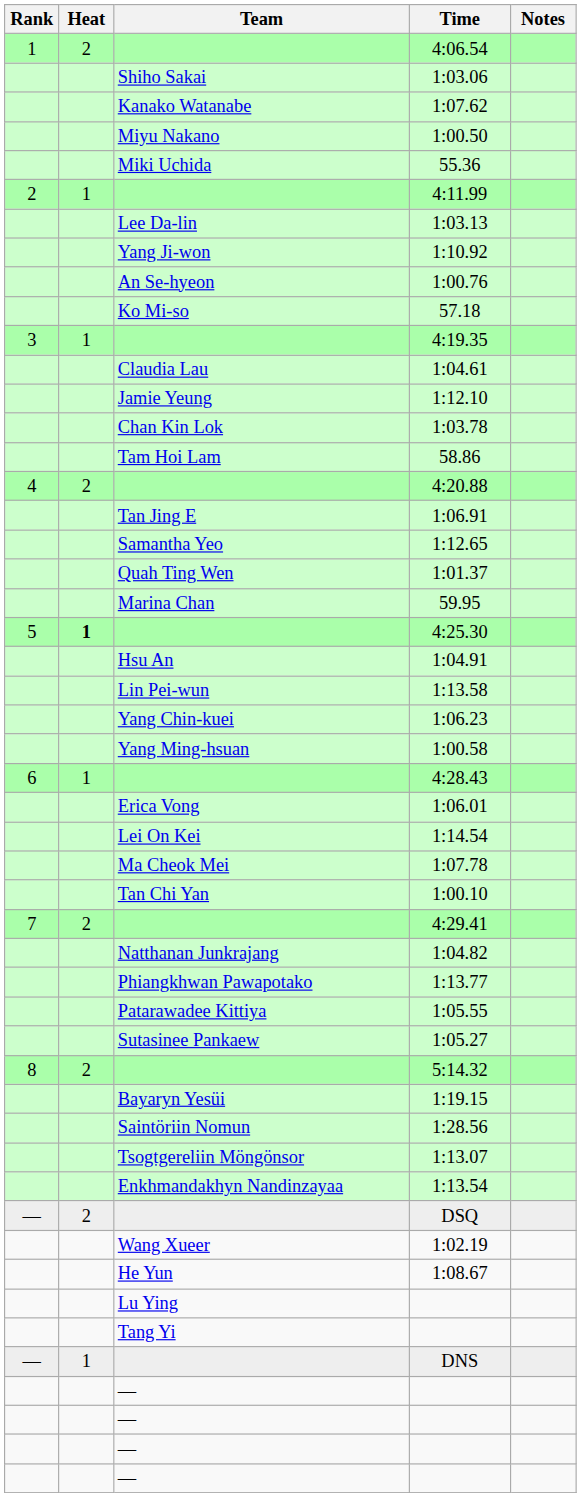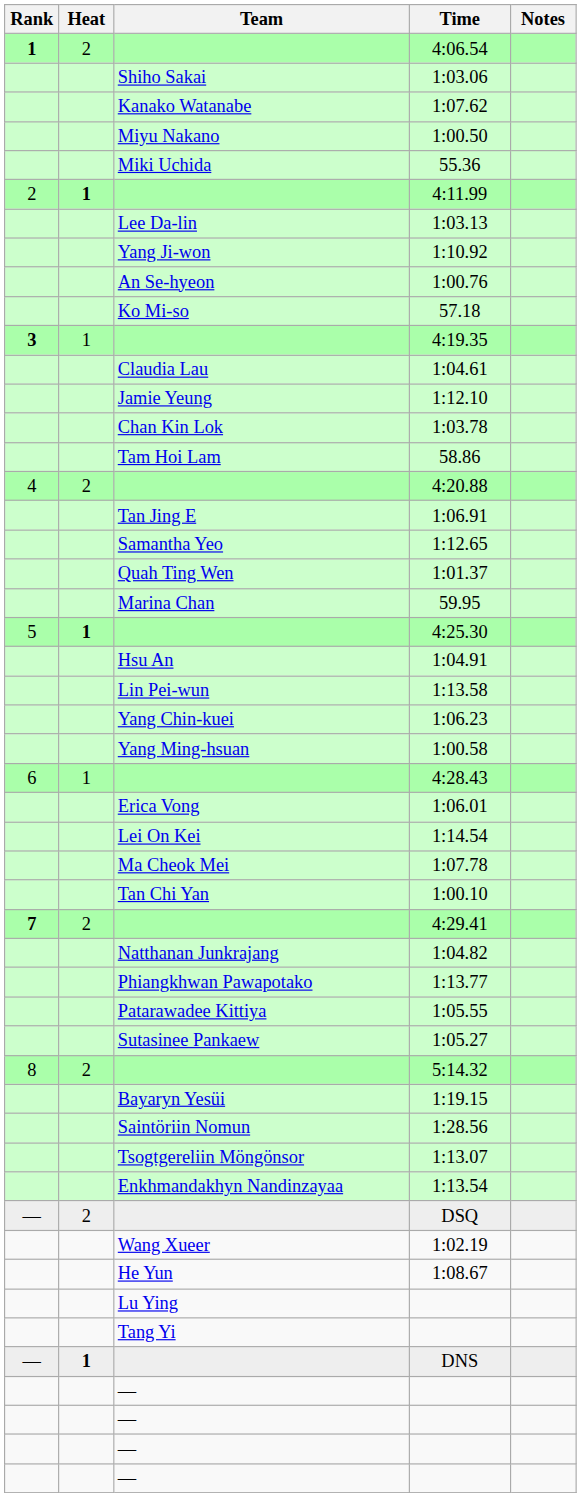 <table class="wikitable" style="text-align:center">
 <tr>
 <th width=40>Rank</th>
 <th width=40>Heat</th>
 <th width=250>Team</th>
 <th width=80>Time</th>
 <th width=50>Notes</th>
 </tr>
 <tr bgcolor="aaffaa">
-<td>1</td>
+<td><strong>1</strong></td>
 <td>2</td>
 <td align=left></td>
 <td>4:06.54</td>
 <td></td>
 </tr>
 <tr bgcolor="ccffcc">
 <td></td>
 <td></td>
 <td align=left><a href='#'>Shiho Sakai</a></td>
 <td>1:03.06</td>
 <td></td>
 </tr>
 <tr bgcolor="ccffcc">
 <td></td>
 <td></td>
 <td align=left><a href='#'>Kanako Watanabe</a></td>
 <td>1:07.62</td>
 <td></td>
 </tr>
 <tr bgcolor="ccffcc">
 <td></td>
 <td></td>
 <td align=left><a href='#'>Miyu Nakano</a></td>
 <td>1:00.50</td>
 <td></td>
 </tr>
 <tr bgcolor="ccffcc">
 <td></td>
 <td></td>
 <td align=left><a href='#'>Miki Uchida</a></td>
 <td>55.36</td>
 <td></td>
 </tr>
 <tr bgcolor="aaffaa">
 <td>2</td>
-<td>1</td>
+<td><strong>1</strong></td>
 <td align=left></td>
 <td>4:11.99</td>
 <td></td>
 </tr>
 <tr bgcolor="ccffcc">
 <td></td>
 <td></td>
 <td align=left><a href='#'>Lee Da-lin</a></td>
 <td>1:03.13</td>
 <td></td>
 </tr>
 <tr bgcolor="ccffcc">
 <td></td>
 <td></td>
 <td align=left><a href='#'>Yang Ji-won</a></td>
 <td>1:10.92</td>
 <td></td>
 </tr>
 <tr bgcolor="ccffcc">
 <td></td>
 <td></td>
 <td align=left><a href='#'>An Se-hyeon</a></td>
 <td>1:00.76</td>
 <td></td>
 </tr>
 <tr bgcolor="ccffcc">
 <td></td>
 <td></td>
 <td align=left><a href='#'>Ko Mi-so</a></td>
 <td>57.18</td>
 <td></td>
 </tr>
 <tr bgcolor="aaffaa">
-<td>3</td>
+<td><strong>3</strong></td>
 <td>1</td>
 <td align=left></td>
 <td>4:19.35</td>
 <td></td>
 </tr>
 <tr bgcolor="ccffcc">
 <td></td>
 <td></td>
 <td align=left><a href='#'>Claudia Lau</a></td>
 <td>1:04.61</td>
 <td></td>
 </tr>
 <tr bgcolor="ccffcc">
 <td></td>
 <td></td>
 <td align=left><a href='#'>Jamie Yeung</a></td>
 <td>1:12.10</td>
 <td></td>
 </tr>
 <tr bgcolor="ccffcc">
 <td></td>
 <td></td>
 <td align=left><a href='#'>Chan Kin Lok</a></td>
 <td>1:03.78</td>
 <td></td>
 </tr>
 <tr bgcolor="ccffcc">
 <td></td>
 <td></td>
 <td align=left><a href='#'>Tam Hoi Lam</a></td>
 <td>58.86</td>
 <td></td>
 </tr>
 <tr bgcolor="aaffaa">
 <td>4</td>
 <td>2</td>
 <td align=left></td>
 <td>4:20.88</td>
 <td></td>
 </tr>
 <tr bgcolor="ccffcc">
 <td></td>
 <td></td>
 <td align=left><a href='#'>Tan Jing E</a></td>
 <td>1:06.91</td>
 <td></td>
 </tr>
 <tr bgcolor="ccffcc">
 <td></td>
 <td></td>
 <td align=left><a href='#'>Samantha Yeo</a></td>
 <td>1:12.65</td>
 <td></td>
 </tr>
 <tr bgcolor="ccffcc">
 <td></td>
 <td></td>
 <td align=left><a href='#'>Quah Ting Wen</a></td>
 <td>1:01.37</td>
 <td></td>
 </tr>
 <tr bgcolor="ccffcc">
 <td></td>
 <td></td>
 <td align=left><a href='#'>Marina Chan</a></td>
 <td>59.95</td>
 <td></td>
 </tr>
 <tr bgcolor="aaffaa">
 <td>5</td>
 <td><strong>1</strong></td>
 <td align=left></td>
 <td>4:25.30</td>
 <td></td>
 </tr>
 <tr bgcolor="ccffcc">
 <td></td>
 <td></td>
 <td align=left><a href='#'>Hsu An</a></td>
 <td>1:04.91</td>
 <td></td>
 </tr>
 <tr bgcolor="ccffcc">
 <td></td>
 <td></td>
 <td align=left><a href='#'>Lin Pei-wun</a></td>
 <td>1:13.58</td>
 <td></td>
 </tr>
 <tr bgcolor="ccffcc">
 <td></td>
 <td></td>
 <td align=left><a href='#'>Yang Chin-kuei</a></td>
 <td>1:06.23</td>
 <td></td>
 </tr>
 <tr bgcolor="ccffcc">
 <td></td>
 <td></td>
 <td align=left><a href='#'>Yang Ming-hsuan</a></td>
 <td>1:00.58</td>
 <td></td>
 </tr>
 <tr bgcolor="aaffaa">
 <td>6</td>
 <td>1</td>
 <td align=left></td>
 <td>4:28.43</td>
 <td></td>
 </tr>
 <tr bgcolor="ccffcc">
 <td></td>
 <td></td>
 <td align=left><a href='#'>Erica Vong</a></td>
 <td>1:06.01</td>
 <td></td>
 </tr>
 <tr bgcolor="ccffcc">
 <td></td>
 <td></td>
 <td align=left><a href='#'>Lei On Kei</a></td>
 <td>1:14.54</td>
 <td></td>
 </tr>
 <tr bgcolor="ccffcc">
 <td></td>
 <td></td>
 <td align=left><a href='#'>Ma Cheok Mei</a></td>
 <td>1:07.78</td>
 <td></td>
 </tr>
 <tr bgcolor="ccffcc">
 <td></td>
 <td></td>
 <td align=left><a href='#'>Tan Chi Yan</a></td>
 <td>1:00.10</td>
 <td></td>
 </tr>
 <tr bgcolor="aaffaa">
-<td>7</td>
+<td><strong>7</strong></td>
 <td>2</td>
 <td align=left></td>
 <td>4:29.41</td>
 <td></td>
 </tr>
 <tr bgcolor="ccffcc">
 <td></td>
 <td></td>
 <td align=left><a href='#'>Natthanan Junkrajang</a></td>
 <td>1:04.82</td>
 <td></td>
 </tr>
 <tr bgcolor="ccffcc">
 <td></td>
 <td></td>
 <td align=left><a href='#'>Phiangkhwan Pawapotako</a></td>
 <td>1:13.77</td>
 <td></td>
 </tr>
 <tr bgcolor="ccffcc">
 <td></td>
 <td></td>
 <td align=left><a href='#'>Patarawadee Kittiya</a></td>
 <td>1:05.55</td>
 <td></td>
 </tr>
 <tr bgcolor="ccffcc">
 <td></td>
 <td></td>
 <td align=left><a href='#'>Sutasinee Pankaew</a></td>
 <td>1:05.27</td>
 <td></td>
 </tr>
 <tr bgcolor="aaffaa">
 <td>8</td>
 <td>2</td>
 <td align=left></td>
 <td>5:14.32</td>
 <td></td>
 </tr>
 <tr bgcolor="ccffcc">
 <td></td>
 <td></td>
 <td align=left><a href='#'>Bayaryn Yesüi</a></td>
 <td>1:19.15</td>
 <td></td>
 </tr>
 <tr bgcolor="ccffcc">
 <td></td>
 <td></td>
 <td align=left><a href='#'>Saintöriin Nomun</a></td>
 <td>1:28.56</td>
 <td></td>
 </tr>
 <tr bgcolor="ccffcc">
 <td></td>
 <td></td>
 <td align=left><a href='#'>Tsogtgereliin Möngönsor</a></td>
 <td>1:13.07</td>
 <td></td>
 </tr>
 <tr bgcolor="ccffcc">
 <td></td>
 <td></td>
 <td align=left><a href='#'>Enkhmandakhyn Nandinzayaa</a></td>
 <td>1:13.54</td>
 <td></td>
 </tr>
 <tr bgcolor=eeeeee>
 <td>—</td>
 <td>2</td>
 <td align=left></td>
 <td>DSQ</td>
 <td></td>
 </tr>
 <tr>
 <td></td>
 <td></td>
 <td align=left><a href='#'>Wang Xueer</a></td>
 <td>1:02.19</td>
 <td></td>
 </tr>
 <tr>
 <td></td>
 <td></td>
 <td align=left><a href='#'>He Yun</a></td>
 <td>1:08.67</td>
 <td></td>
 </tr>
 <tr>
 <td></td>
 <td></td>
 <td align=left><a href='#'>Lu Ying</a></td>
 <td></td>
 <td></td>
 </tr>
 <tr>
 <td></td>
 <td></td>
 <td align=left><a href='#'>Tang Yi</a></td>
 <td></td>
 <td></td>
 </tr>
 <tr bgcolor=eeeeee>
 <td>—</td>
-<td>1</td>
+<td><strong>1</strong></td>
 <td align=left></td>
 <td>DNS</td>
 <td></td>
 </tr>
 <tr>
 <td></td>
 <td></td>
 <td align=left>—</td>
 <td></td>
 <td></td>
 </tr>
 <tr>
 <td></td>
 <td></td>
 <td align=left>—</td>
 <td></td>
 <td></td>
 </tr>
 <tr>
 <td></td>
 <td></td>
 <td align=left>—</td>
 <td></td>
 <td></td>
 </tr>
 <tr>
 <td></td>
 <td></td>
 <td align=left>—</td>
 <td></td>
 <td></td>
 </tr>
 </table>
